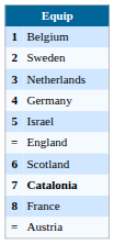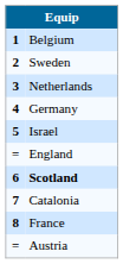 <table align=center cellpadding="4" cellspacing="0" style="background: #f9f9f9; border: 1px #aaa solid; border-collapse: collapse; font-size: 90%;" width=20%>
 <tr align=center bgcolor=#006699 style="color:white;">
 <th width=100% colspan=2>Equip</th>
 </tr>
 <tr align=center bgcolor=#D0E7FF>
 <td><strong>1</strong></td>
 <td align=left> Belgium</td>
 </tr>
 <tr align=center bgcolor=#F5FAFF>
 <td><strong>2</strong></td>
 <td align=left> Sweden</td>
 </tr>
 <tr align=center bgcolor=#D0E7FF>
 <td><strong>3</strong></td>
 <td align=left> Netherlands</td>
 </tr>
 <tr align=center bgcolor=#F5FAFF>
 <td><strong>4</strong></td>
 <td align=left> Germany</td>
 </tr>
 <tr align=center bgcolor=#D0E7FF>
 <td><strong>5</strong></td>
 <td align=left> Israel</td>
 </tr>
 <tr align=center bgcolor=#F5FAFF>
 <td><strong>=</strong></td>
 <td align=left> England</td>
 </tr>
 <tr align=center bgcolor=#D0E7FF>
 <td><strong>6</strong></td>
-<td align=left> Scotland</td>
+<td align=left><strong> Scotland</strong></td>
 </tr>
 <tr align=center bgcolor=#F5FAFF>
 <td><strong>7</strong></td>
-<td align=left><strong> Catalonia</strong></td>
+<td align=left> Catalonia</td>
 </tr>
 <tr align=center bgcolor=#D0E7FF>
 <td><strong>8</strong></td>
 <td align=left> France</td>
 </tr>
 <tr align=center bgcolor=#F5FAFF>
 <td><strong>=</strong></td>
 <td align=left> Austria</td>
 </tr>
 </table>
